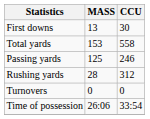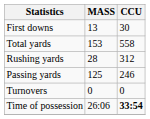 <table class="wikitable">
 <tr>
 <th>Statistics</th>
 <th>MASS</th>
 <th>CCU</th>
 </tr>
 <tr>
 <td>First downs</td>
 <td>13</td>
 <td>30</td>
 </tr>
 <tr>
 <td>Total yards</td>
 <td>153</td>
 <td>558</td>
 </tr>
 <tr>
+<td>Rushing yards</td>
+<td>28</td>
+<td>312</td>
+</tr>
+<tr>
 <td>Passing yards</td>
 <td>125</td>
 <td>246</td>
-</tr>
-<tr>
-<td>Rushing yards</td>
-<td>28</td>
-<td>312</td>
 </tr>
 <tr>
 <td>Turnovers</td>
 <td>0</td>
 <td>0</td>
 </tr>
 <tr>
 <td>Time of possession</td>
 <td>26:06</td>
-<td>33:54</td>
+<td><strong>33:54</strong></td>
 </tr>
 <tr>
 </tr>
 </table>
